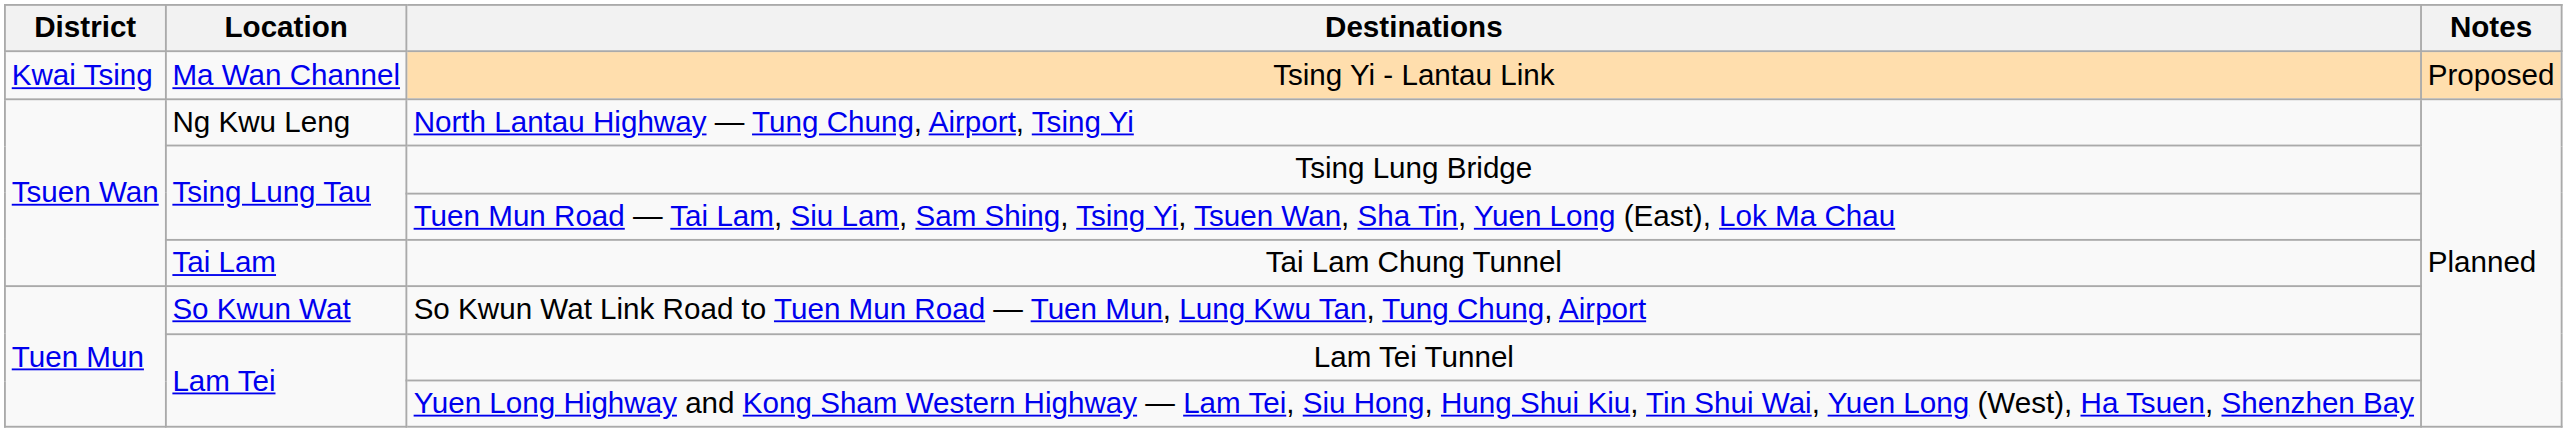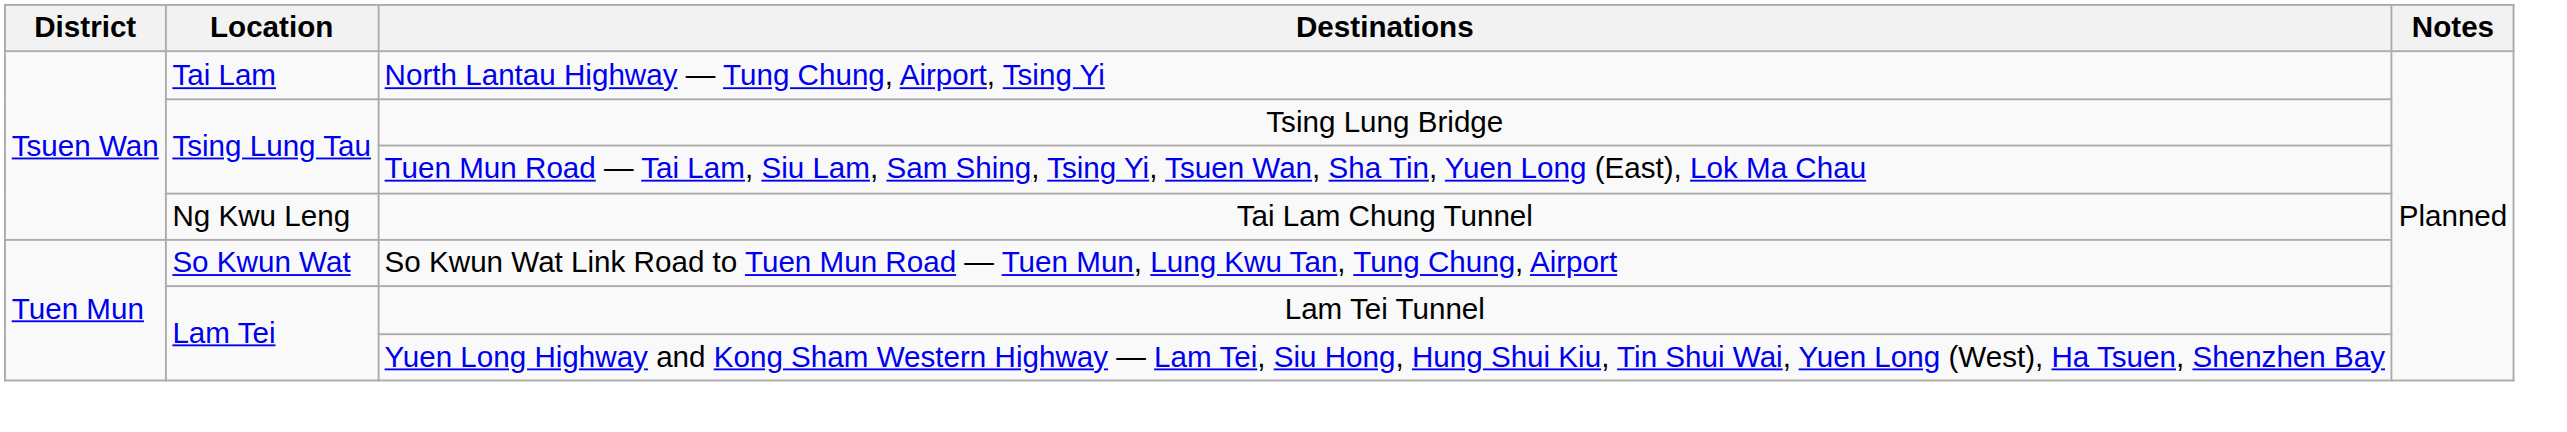 <table class="wikitable">
 <tr>
 <th>District</th>
 <th>Location</th>
 <th>Destinations</th>
 <th>Notes</th>
 </tr>
 <tr>
-<td><a href='#'>Kwai Tsing</a></td>
-<td><a href='#'>Ma Wan Channel</a></td>
-<td bgcolor="#ffdead" style="text-align: center;">Tsing Yi - Lantau Link</td>
-<td bgcolor="#ffdead">Proposed</td>
-</tr>
-<tr>
 <td rowspan="4"><a href='#'>Tsuen Wan</a></td>
-<td>Ng Kwu Leng</td>
+<td><a href='#'>Tai Lam</a></td>
 <td> <a href='#'>North Lantau Highway</a> — <a href='#'>Tung Chung</a>, <a href='#'>Airport</a>, <a href='#'>Tsing Yi</a>  </td>
 <td rowspan="7">Planned</td>
 </tr>
 <tr>
 <td rowspan="2"><a href='#'>Tsing Lung Tau</a></td>
 <td style="text-align: center;">Tsing Lung Bridge</td>
 </tr>
 <tr>
 <td> <a href='#'>Tuen Mun Road</a> — <a href='#'>Tai Lam</a>, <a href='#'>Siu Lam</a>, <a href='#'>Sam Shing</a>, <a href='#'>Tsing Yi</a>, <a href='#'>Tsuen Wan</a>, <a href='#'>Sha Tin</a>, <a href='#'>Yuen Long</a> (East), <a href='#'>Lok Ma Chau</a></td>
 </tr>
 <tr>
-<td><a href='#'>Tai Lam</a></td>
+<td>Ng Kwu Leng</td>
 <td style="text-align: center;">Tai Lam Chung Tunnel </td>
 </tr>
 <tr>
 <td rowspan="3"><a href='#'>Tuen Mun</a></td>
 <td><a href='#'>So Kwun Wat</a></td>
 <td>So Kwun Wat Link Road to  <a href='#'>Tuen Mun Road</a> — <a href='#'>Tuen Mun</a>, <a href='#'>Lung Kwu Tan</a>, <a href='#'>Tung Chung</a>, <a href='#'>Airport</a> </td>
 </tr>
 <tr>
 <td rowspan="2"><a href='#'>Lam Tei</a></td>
 <td style="text-align: center;">Lam Tei Tunnel </td>
 </tr>
 <tr>
 <td> <a href='#'>Yuen Long Highway</a> and  <a href='#'>Kong Sham Western Highway</a> — <a href='#'>Lam Tei</a>, <a href='#'>Siu Hong</a>, <a href='#'>Hung Shui Kiu</a>, <a href='#'>Tin Shui Wai</a>, <a href='#'>Yuen Long</a> (West), <a href='#'>Ha Tsuen</a>, <a href='#'>Shenzhen Bay</a></td>
 </tr>
 </table>
